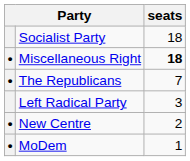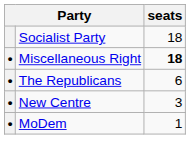 <table class="wikitable" style="font-size: 95%;">
 <tr>
 <th colspan=2>Party</th>
 <th>seats</th>
 </tr>
 <tr>
 <th style="background-color: "></th>
 <td><a href='#'>Socialist Party</a></td>
 <td align="right">18</td>
 </tr>
 <tr>
 <th style="background-color: "><span>•</span></th>
 <td><a href='#'>Miscellaneous Right</a></td>
 <td align="right"><strong>18</strong></td>
 </tr>
 <tr>
 <th style="background-color: "><span>•</span></th>
 <td><a href='#'>The Republicans</a></td>
-<td align="right">7</td>
-</tr>
-<tr>
-<th style="background-color: "></th>
-<td><a href='#'>Left Radical Party</a></td>
-<td align="right">3</td>
+<td align="right">6</td>
 </tr>
 <tr>
 <th style="background-color: "><span>•</span></th>
 <td><a href='#'>New Centre</a></td>
-<td align="right">2</td>
+<td align="right">3</td>
 </tr>
 <tr>
 <th style="background-color: "><span>•</span></th>
 <td><a href='#'>MoDem</a></td>
 <td align="right">1</td>
 </tr>
 </table>
